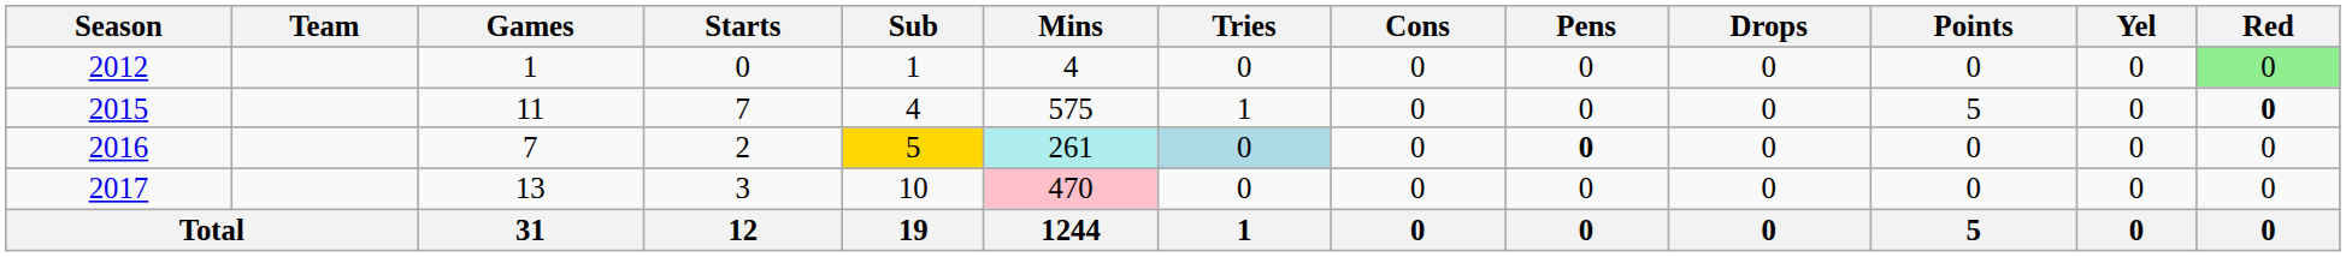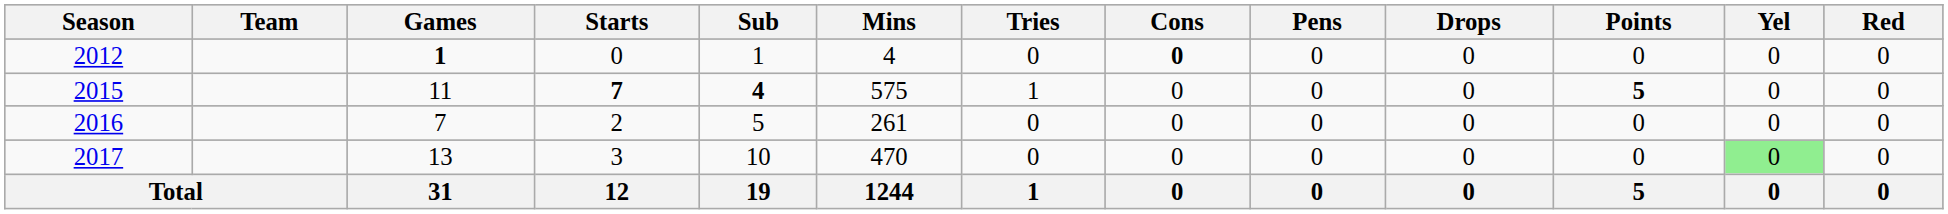 <table class="wikitable" style="text-align:center; line-height:90%; font-size:95%; width:60%;">
 <tr>
 <th>Season</th>
 <th>Team</th>
 <th>Games</th>
 <th>Starts</th>
 <th>Sub</th>
 <th>Mins</th>
 <th>Tries</th>
 <th>Cons</th>
 <th>Pens</th>
 <th>Drops</th>
 <th>Points</th>
 <th>Yel</th>
 <th>Red</th>
 </tr>
 <tr>
 <td><a href='#'>2012</a></td>
 <td></td>
-<td>1</td>
+<td><strong>1</strong></td>
 <td>0</td>
 <td>1</td>
 <td>4</td>
+<td>0</td>
+<td><strong>0</strong></td>
 <td>0</td>
 <td>0</td>
 <td>0</td>
 <td>0</td>
 <td>0</td>
-<td>0</td>
-<td style="background: lightgreen;">0</td>
 </tr>
 <tr>
 <td><a href='#'>2015</a></td>
 <td></td>
 <td>11</td>
-<td>7</td>
-<td>4</td>
+<td><strong>7</strong></td>
+<td><strong>4</strong></td>
 <td>575</td>
 <td>1</td>
 <td>0</td>
 <td>0</td>
 <td>0</td>
-<td>5</td>
+<td><strong>5</strong></td>
 <td>0</td>
-<td><strong>0</strong></td>
+<td>0</td>
 </tr>
 <tr>
 <td><a href='#'>2016</a></td>
 <td></td>
 <td>7</td>
 <td>2</td>
-<td style="background: gold;">5</td>
-<td style="background: paleturquoise;">261</td>
-<td style="background: lightblue;">0</td>
+<td>5</td>
+<td>261</td>
 <td>0</td>
-<td><strong>0</strong></td>
+<td>0</td>
+<td>0</td>
 <td>0</td>
 <td>0</td>
 <td>0</td>
 <td>0</td>
 </tr>
 <tr>
 <td><a href='#'>2017</a></td>
 <td></td>
 <td>13</td>
 <td>3</td>
 <td>10</td>
-<td style="background: pink;">470</td>
+<td>470</td>
 <td>0</td>
 <td>0</td>
 <td>0</td>
 <td>0</td>
 <td>0</td>
-<td>0</td>
+<td style="background: lightgreen;">0</td>
 <td>0</td>
 </tr>
 <tr>
 <th colspan="2">Total</th>
 <th>31</th>
 <th>12</th>
 <th>19</th>
 <th>1244</th>
 <th>1</th>
 <th>0</th>
 <th>0</th>
 <th>0</th>
 <th>5</th>
 <th>0</th>
 <th>0</th>
 </tr>
 </table>
